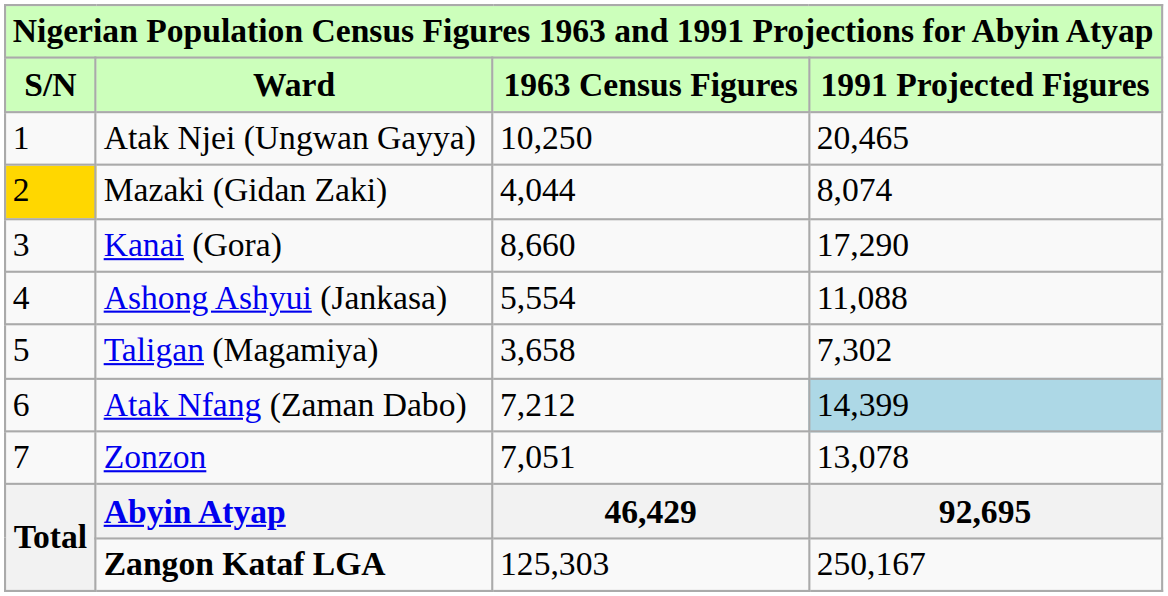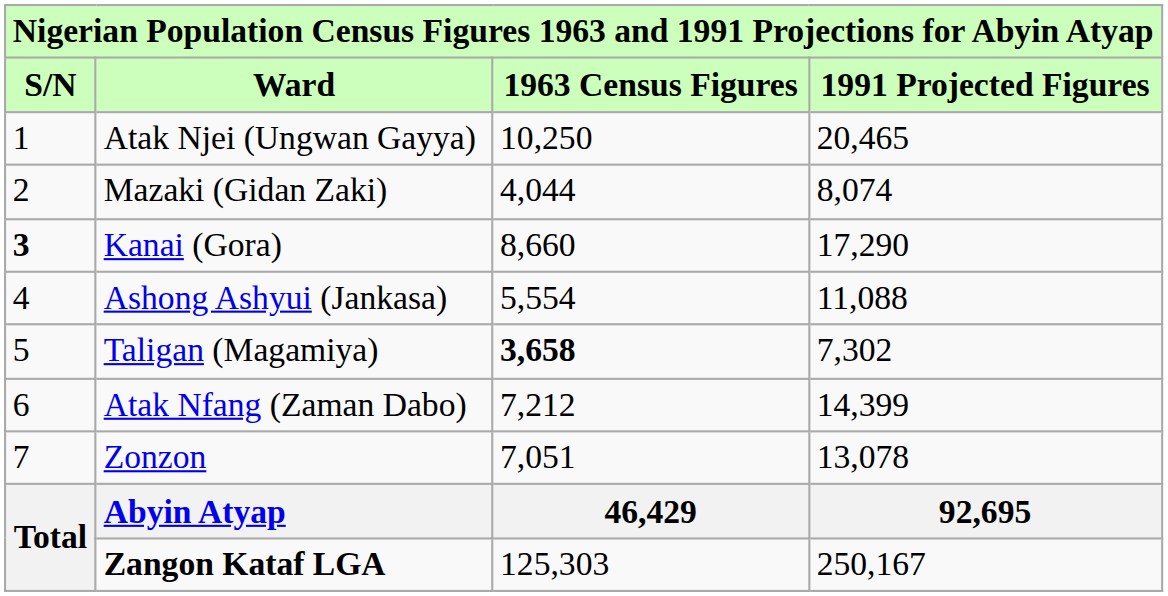 <table class="wikitable">
 <tr>
 <th colspan="4" style="text-align:center; background:#cfb;">Nigerian Population Census Figures 1963 and 1991 Projections for Abyin Atyap</th>
 </tr>
 <tr>
 <th style="background:#cfb;">S/N</th>
 <th style="background:#cfb;">Ward</th>
 <th style="background:#cfb;">1963 Census Figures</th>
 <th style="background:#cfb;">1991 Projected Figures</th>
 </tr>
 <tr>
 <td style="text-align:left;">1</td>
 <td>Atak Njei (Ungwan Gayya)</td>
 <td>10,250</td>
 <td>20,465</td>
 </tr>
 <tr>
-<td style="background: gold;">2</td>
+<td>2</td>
 <td>Mazaki (Gidan Zaki)</td>
 <td>4,044</td>
 <td>8,074</td>
 </tr>
 <tr>
-<td>3</td>
+<td><strong>3</strong></td>
 <td><a href='#'>Kanai</a> (Gora)</td>
 <td>8,660</td>
 <td>17,290</td>
 </tr>
 <tr>
 <td>4</td>
 <td><a href='#'>Ashong Ashyui</a> (Jankasa)</td>
 <td>5,554</td>
 <td>11,088</td>
 </tr>
 <tr>
 <td>5</td>
 <td><a href='#'>Taligan</a> (Magamiya)</td>
-<td>3,658</td>
+<td><strong>3,658</strong></td>
 <td>7,302</td>
 </tr>
 <tr>
 <td>6</td>
 <td><a href='#'>Atak Nfang</a> (Zaman Dabo)</td>
 <td>7,212</td>
-<td style="background: lightblue;">14,399</td>
+<td>14,399</td>
 </tr>
 <tr>
 <td>7</td>
 <td><a href='#'>Zonzon</a></td>
 <td>7,051</td>
 <td>13,078</td>
 </tr>
 <tr>
 <th rowspan="2"><strong>Total</strong></th>
 <th style="text-align:left;"><strong><a href='#'>Abyin Atyap</a></strong></th>
 <th>46,429</th>
 <th>92,695</th>
 </tr>
 <tr>
 <td><strong>Zangon Kataf LGA</strong></td>
 <td>125,303</td>
 <td>250,167</td>
 </tr>
 </table>
